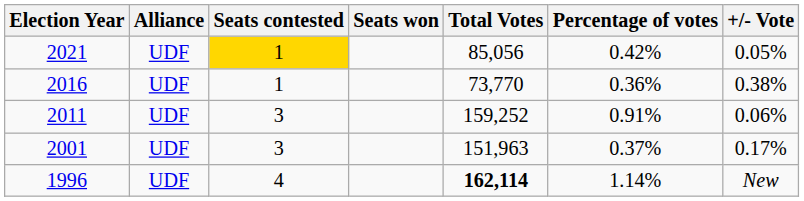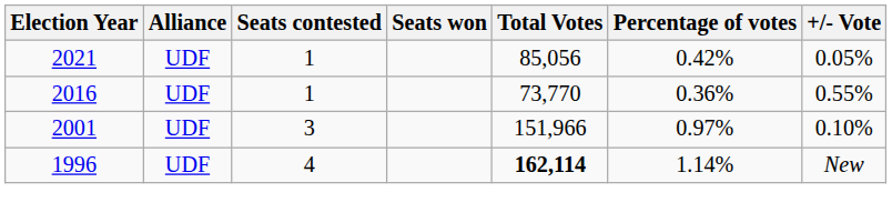 <table class="wikitable" style="text-align:center">
 <tr>
 <th Style="background-color:">Election Year</th>
 <th Style="background-color:">Alliance</th>
 <th Style="background-color:">Seats contested</th>
 <th Style="background-color:">Seats won</th>
 <th Style="background-color:">Total Votes</th>
 <th Style="background-color:">Percentage of votes</th>
 <th Style="background-color:">+/- Vote</th>
 </tr>
 <tr>
 <td><a href='#'>2021</a></td>
 <td><a href='#'>UDF</a></td>
-<td style="background: gold;">1</td>
+<td>1</td>
 <td></td>
 <td>85,056</td>
 <td>0.42%</td>
 <td> 0.05%</td>
 </tr>
 <tr>
 <td><a href='#'>2016</a></td>
 <td><a href='#'>UDF</a></td>
 <td>1</td>
 <td></td>
 <td>73,770</td>
 <td>0.36%</td>
-<td> 0.38%</td>
-</tr>
-<tr>
-<td><a href='#'>2011</a></td>
-<td><a href='#'>UDF</a></td>
-<td>3</td>
-<td></td>
-<td>159,252</td>
-<td>0.91%</td>
-<td> 0.06%</td>
+<td> 0.55%</td>
 </tr>
 <tr>
 <td><a href='#'>2001</a></td>
 <td><a href='#'>UDF</a></td>
 <td>3</td>
 <td></td>
-<td>151,963</td>
-<td>0.37%</td>
-<td> 0.17%</td>
+<td>151,966</td>
+<td>0.97%</td>
+<td> 0.10%</td>
 </tr>
 <tr>
 <td><a href='#'>1996</a></td>
 <td><a href='#'>UDF</a></td>
 <td>4</td>
 <td></td>
 <td><strong>162,114</strong></td>
 <td>1.14%</td>
 <td><em>New</em></td>
 </tr>
 </table>
